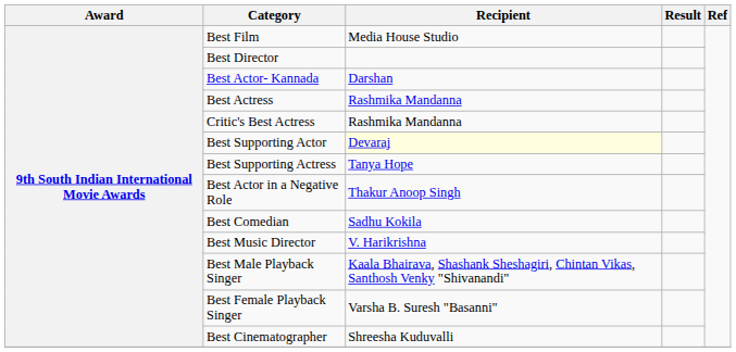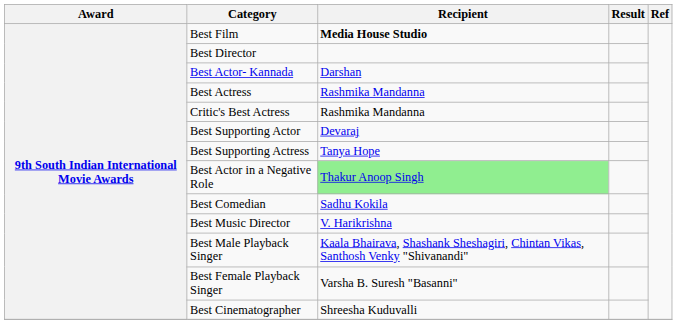 <table class="wikitable sortable">
 <tr>
 <th>Award</th>
 <th>Category</th>
 <th>Recipient</th>
 <th>Result</th>
 <th>Ref</th>
 </tr>
 <tr>
 <th rowspan=13><a href='#'>9th South Indian International Movie Awards</a></th>
 <td>Best Film</td>
-<td>Media House Studio</td>
+<td><strong>Media House Studio</strong></td>
 <td></td>
 <td rowspan=13><br></td>
 </tr>
 <tr>
 <td>Best Director</td>
 <td></td>
 <td></td>
 </tr>
 <tr>
 <td><a href='#'>Best Actor- Kannada</a></td>
 <td><a href='#'>Darshan</a></td>
 <td></td>
 </tr>
 <tr>
 <td>Best Actress</td>
 <td><a href='#'>Rashmika Mandanna</a></td>
 <td></td>
 </tr>
 <tr>
 <td>Critic's Best Actress</td>
 <td>Rashmika Mandanna</td>
 <td></td>
 </tr>
 <tr>
 <td>Best Supporting Actor</td>
-<td style="background: lightyellow;"><a href='#'>Devaraj</a></td>
+<td><a href='#'>Devaraj</a></td>
 <td></td>
 </tr>
 <tr>
 <td>Best Supporting Actress</td>
 <td><a href='#'>Tanya Hope</a></td>
 <td></td>
 </tr>
 <tr>
 <td>Best Actor in a Negative Role</td>
-<td><a href='#'>Thakur Anoop Singh</a></td>
+<td style="background: lightgreen;"><a href='#'>Thakur Anoop Singh</a></td>
 <td></td>
 </tr>
 <tr>
 <td>Best Comedian</td>
 <td><a href='#'>Sadhu Kokila</a></td>
 <td></td>
 </tr>
 <tr>
 <td>Best Music Director</td>
 <td><a href='#'>V. Harikrishna</a></td>
 <td></td>
 </tr>
 <tr>
 <td>Best Male Playback Singer</td>
 <td><a href='#'>Kaala Bhairava</a>, <a href='#'>Shashank Sheshagiri</a>, <a href='#'>Chintan Vikas</a>, <a href='#'>Santhosh Venky</a> "Shivanandi"</td>
 <td></td>
 </tr>
 <tr>
 <td>Best Female Playback Singer</td>
 <td>Varsha B. Suresh "Basanni"</td>
 <td></td>
 </tr>
 <tr>
 <td>Best Cinematographer</td>
 <td>Shreesha Kuduvalli</td>
 <td></td>
 </tr>
 <tr>
 </tr>
 </table>
